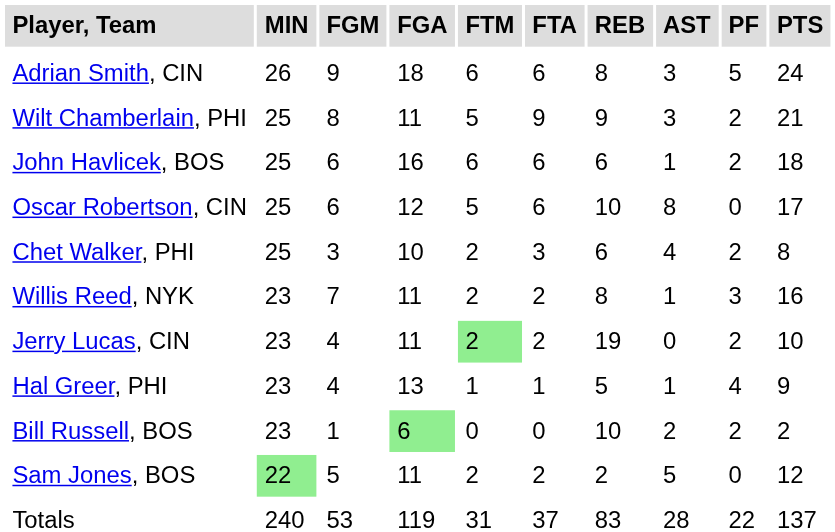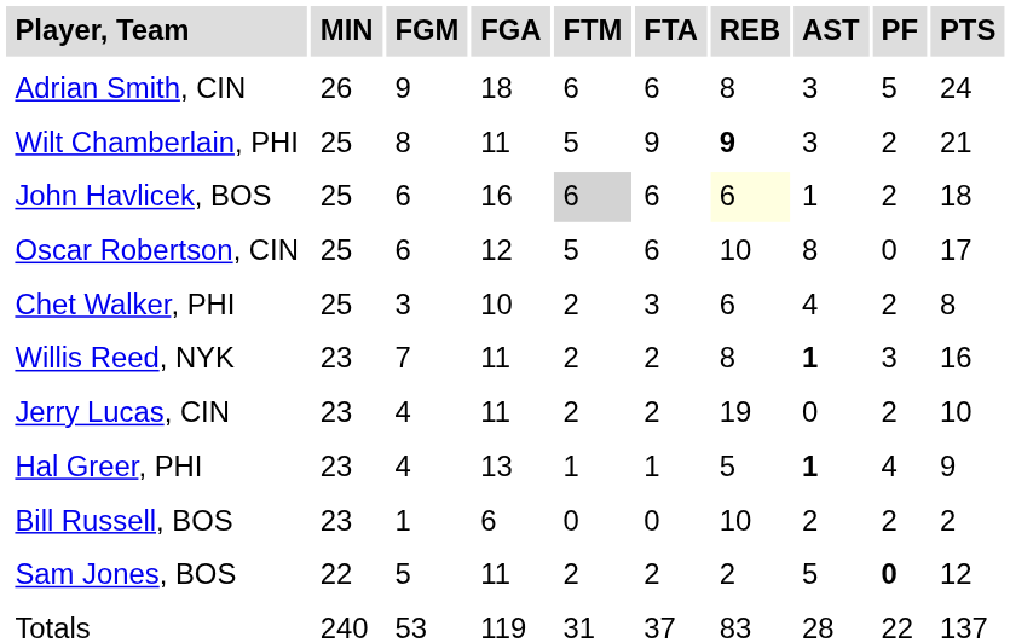 <table cellpadding=5>
 <tr bgcolor="#dddddd">
 <td><strong>Player, Team</strong></td>
 <td><strong>MIN</strong></td>
 <td><strong>FGM</strong></td>
 <td><strong>FGA</strong></td>
 <td><strong>FTM</strong></td>
 <td><strong>FTA</strong></td>
 <td><strong>REB</strong></td>
 <td><strong>AST</strong></td>
 <td><strong>PF</strong></td>
 <td><strong>PTS</strong></td>
 </tr>
 <tr bgcolor="#eeeeee">
 </tr>
 <tr>
 <td><a href='#'>Adrian Smith</a>, CIN</td>
 <td>26</td>
 <td>9</td>
 <td>18</td>
 <td>6</td>
 <td>6</td>
 <td>8</td>
 <td>3</td>
 <td>5</td>
 <td>24</td>
 </tr>
 <tr>
 <td><a href='#'>Wilt Chamberlain</a>, PHI</td>
 <td>25</td>
 <td>8</td>
 <td>11</td>
 <td>5</td>
 <td>9</td>
-<td>9</td>
+<td><strong>9</strong></td>
 <td>3</td>
 <td>2</td>
 <td>21</td>
 </tr>
 <tr>
 <td><a href='#'>John Havlicek</a>, BOS</td>
 <td>25</td>
 <td>6</td>
 <td>16</td>
+<td style="background: lightgrey;">6</td>
 <td>6</td>
-<td>6</td>
-<td>6</td>
+<td style="background: lightyellow;">6</td>
 <td>1</td>
 <td>2</td>
 <td>18</td>
 </tr>
 <tr>
 <td><a href='#'>Oscar Robertson</a>, CIN</td>
 <td>25</td>
 <td>6</td>
 <td>12</td>
 <td>5</td>
 <td>6</td>
 <td>10</td>
 <td>8</td>
 <td>0</td>
 <td>17</td>
 </tr>
 <tr>
 <td><a href='#'>Chet Walker</a>, PHI</td>
 <td>25</td>
 <td>3</td>
 <td>10</td>
 <td>2</td>
 <td>3</td>
 <td>6</td>
 <td>4</td>
 <td>2</td>
 <td>8</td>
 </tr>
 <tr>
 <td><a href='#'>Willis Reed</a>, NYK</td>
 <td>23</td>
 <td>7</td>
 <td>11</td>
 <td>2</td>
 <td>2</td>
 <td>8</td>
-<td>1</td>
+<td><strong>1</strong></td>
 <td>3</td>
 <td>16</td>
 </tr>
 <tr>
 <td><a href='#'>Jerry Lucas</a>, CIN</td>
 <td>23</td>
 <td>4</td>
 <td>11</td>
-<td style="background: lightgreen;">2</td>
+<td>2</td>
 <td>2</td>
 <td>19</td>
 <td>0</td>
 <td>2</td>
 <td>10</td>
 </tr>
 <tr>
 <td><a href='#'>Hal Greer</a>, PHI</td>
 <td>23</td>
 <td>4</td>
 <td>13</td>
 <td>1</td>
 <td>1</td>
 <td>5</td>
-<td>1</td>
+<td><strong>1</strong></td>
 <td>4</td>
 <td>9</td>
 </tr>
 <tr>
 <td><a href='#'>Bill Russell</a>, BOS</td>
 <td>23</td>
 <td>1</td>
-<td style="background: lightgreen;">6</td>
+<td>6</td>
 <td>0</td>
 <td>0</td>
 <td>10</td>
 <td>2</td>
 <td>2</td>
 <td>2</td>
 </tr>
 <tr>
 <td><a href='#'>Sam Jones</a>, BOS</td>
-<td style="background: lightgreen;">22</td>
+<td>22</td>
 <td>5</td>
 <td>11</td>
 <td>2</td>
 <td>2</td>
 <td>2</td>
 <td>5</td>
-<td>0</td>
+<td><strong>0</strong></td>
 <td>12</td>
 </tr>
 <tr>
 <td>Totals</td>
 <td>240</td>
 <td>53</td>
 <td>119</td>
 <td>31</td>
 <td>37</td>
 <td>83</td>
 <td>28</td>
 <td>22</td>
 <td>137</td>
 </tr>
 <tr>
 </tr>
 </table>
